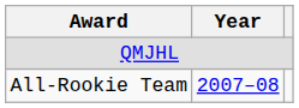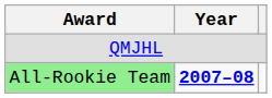 <table class="wikitable">
 <tr>
 <th>Award</th>
 <th>Year</th>
 <th></th>
 </tr>
 <tr ALIGN="center" bgcolor="#e0e0e0">
 <td colspan="3"><a href='#'>QMJHL</a></td>
 </tr>
 <tr>
-<td>All-Rookie Team</td>
-<td><a href='#'>2007–08</a></td>
+<td style="background: lightgreen;">All-Rookie Team</td>
+<td><strong><a href='#'>2007–08</a></strong></td>
 <td></td>
 </tr>
 </table>
